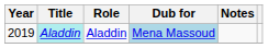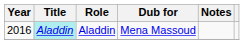 <table class="wikitable">
 <tr>
 <th>Year</th>
 <th>Title</th>
 <th>Role</th>
 <th>Dub for</th>
 <th>Notes</th>
 <th></th>
 </tr>
 <tr>
-<td>2019</td>
+<td>2016</td>
 <td style="background: paleturquoise;"><em><a href='#'>Aladdin</a></em></td>
 <td><a href='#'>Aladdin</a></td>
-<td style="background: lightblue;"><a href='#'>Mena Massoud</a></td>
+<td><a href='#'>Mena Massoud</a></td>
 <td></td>
 <td></td>
 </tr>
 <tr>
 </tr>
 </table>
